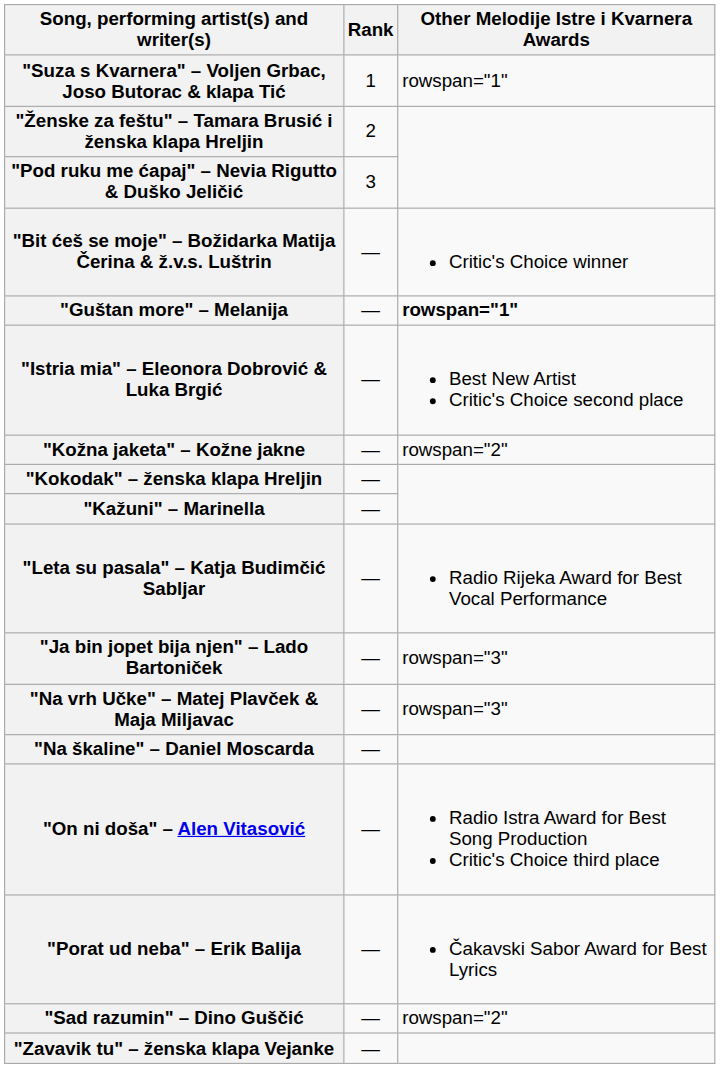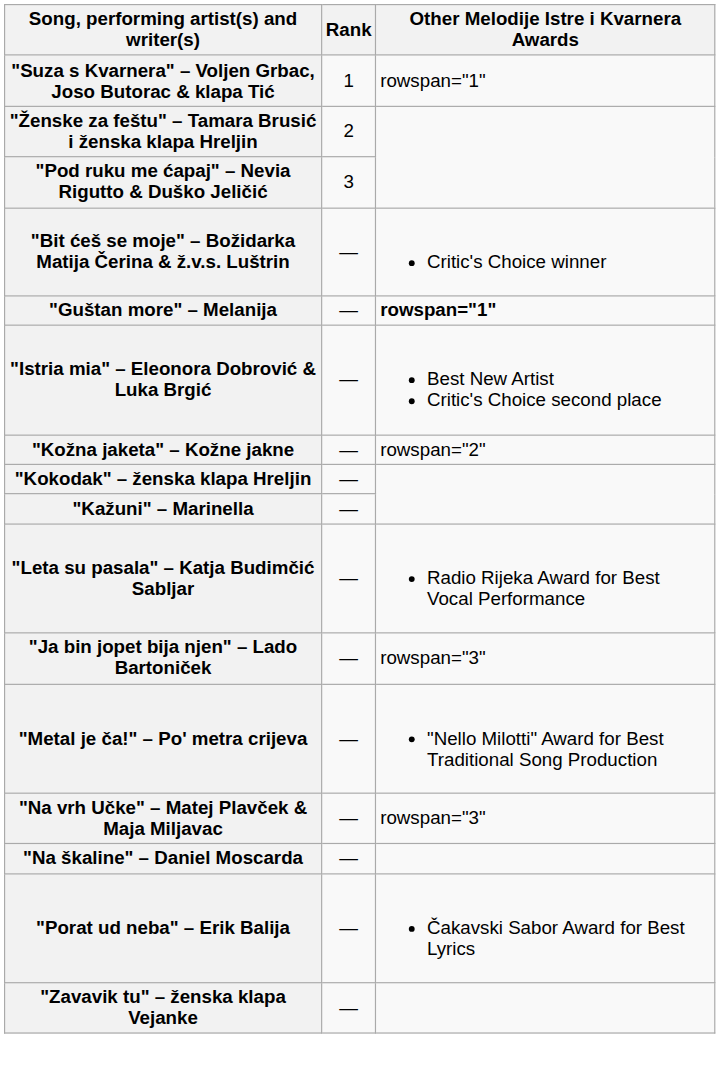 <table class="plainrowheaders wikitable" style="">
 <tr>
 <th>Song, performing artist(s) and writer(s)</th>
 <th>Rank</th>
 <th>Other Melodije Istre i Kvarnera Awards</th>
 </tr>
 <tr>
 <th scope="row">"Suza s Kvarnera" – Voljen Grbac, Joso Butorac & klapa Tić<br></th>
 <td align="center">1</td>
 <td>rowspan="1" </td>
 </tr>
 <tr>
 <th scope="row">"Ženske za feštu" – Tamara Brusić i ženska klapa Hreljin<br></th>
 <td align="center">2</td>
 </tr>
 <tr>
 <th scope="row">"Pod ruku me ćapaj" – Nevia Rigutto & Duško Jeličić<br></th>
 <td align="center">3</td>
 </tr>
 <tr>
 <th scope="row">"Bit ćeš se moje" – Božidarka Matija Čerina & ž.v.s. Luštrin<br></th>
 <td align="center">—</td>
 <td><br><ul><li>Critic's Choice winner</li></ul></td>
 </tr>
 <tr>
 <th scope="row">"Guštan more" – Melanija<br></th>
 <td align="center">—</td>
 <td><strong>rowspan="1" </strong></td>
 </tr>
 <tr>
 <th scope="row">"Istria mia" – Eleonora Dobrović & Luka Brgić<br></th>
 <td align="center">—</td>
 <td><br><ul><li>Best New Artist</li><li>Critic's Choice second place</li></ul></td>
 </tr>
 <tr>
 <th scope="row">"Kožna jaketa" – Kožne jakne<br></th>
 <td align="center">—</td>
 <td>rowspan="2" </td>
 </tr>
 <tr>
 <th scope="row">"Kokodak" – ženska klapa Hreljin<br></th>
 <td align="center">—</td>
 </tr>
 <tr>
 <th scope="row">"Kažuni" – Marinella<br></th>
 <td align="center">—</td>
 </tr>
 <tr>
 <th scope="row">"Leta su pasala" – Katja Budimčić Sabljar<br></th>
 <td align="center">—</td>
 <td><br><ul><li>Radio Rijeka Award for Best Vocal Performance</li></ul></td>
 </tr>
 <tr>
 <th scope="row">"Ja bin jopet bija njen" – Lado Bartoniček<br></th>
 <td align="center">—</td>
 <td>rowspan="3" </td>
 </tr>
 <tr>
+<th scope="row">"Metal je ča!" – Po' metra crijeva<br></th>
+<td align="center">—</td>
+<td><br><ul><li>"Nello Milotti" Award for Best Traditional Song Production</li></ul></td>
+</tr>
+<tr>
 <th scope="row">"Na vrh Učke" – Matej Plavček & Maja Miljavac<br></th>
 <td align="center">—</td>
 <td>rowspan="3" </td>
 </tr>
 <tr>
 <th scope="row">"Na škaline" – Daniel Moscarda<br></th>
 <td align="center">—</td>
 </tr>
 <tr>
-<th scope="row">"On ni doša" – <a href='#'>Alen Vitasović</a><br></th>
-<td align="center">—</td>
-<td><br><ul><li>Radio Istra Award for Best Song Production</li><li>Critic's Choice third place</li></ul></td>
-</tr>
-<tr>
 <th scope="row">"Porat ud neba" – Erik Balija<br></th>
 <td align="center">—</td>
 <td><br><ul><li>Čakavski Sabor Award for Best Lyrics</li></ul></td>
-</tr>
-<tr>
-<th scope="row">"Sad razumin" – Dino Guščić<br></th>
-<td align="center">—</td>
-<td>rowspan="2" </td>
 </tr>
 <tr>
 <th scope="row">"Zavavik tu" – ženska klapa Vejanke<br></th>
 <td align="center">—</td>
 </tr>
 </table>
